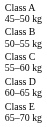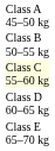 <table>
 <tr>
 <td rowspan=2>Class A<br>45–50 kg</td>
 <td rowspan=2></td>
 <td rowspan=2></td>
 <td></td>
 </tr>
 <tr>
 <td></td>
 </tr>
 <tr>
 <td rowspan=2>Class B <br> 50–55 kg</td>
 <td rowspan=2></td>
 <td rowspan=2></td>
 <td></td>
 </tr>
 <tr>
 <td></td>
 </tr>
 <tr>
-<td>Class C <br> 55–60 kg</td>
+<td style="background: lightyellow;">Class C <br> 55–60 kg</td>
 <td></td>
 <td></td>
 <td></td>
 </tr>
 <tr>
 <td rowspan=2>Class D <br> 60–65 kg</td>
 <td rowspan=2></td>
 <td rowspan=2></td>
 <td></td>
 </tr>
 <tr>
 <td></td>
 </tr>
 <tr>
 <td rowspan=2>Class E <br> 65–70 kg</td>
 <td rowspan=2></td>
 <td rowspan=2></td>
 <td></td>
 </tr>
 <tr>
 <td></td>
 </tr>
 </table>
